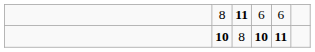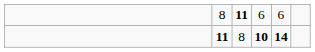 <table class="wikitable">
 <tr>
 <td style="width:15em"></td>
 <td align=center style="width:1em">8</td>
 <td align=center style="width:1em"><strong>11</strong></td>
 <td align=center style="width:1em">6</td>
 <td align=center style="width:1em">6</td>
 <td align=center style="width:1em"></td>
 </tr>
 <tr>
 <td style="width:15em"></td>
-<td align=center style="width:1em"><strong>10</strong></td>
+<td align=center style="width:1em"><strong>11</strong></td>
 <td align=center style="width:1em">8</td>
 <td align=center style="width:1em"><strong>10</strong></td>
-<td align=center style="width:1em"><strong>11</strong></td>
+<td align=center style="width:1em"><strong>14</strong></td>
 <td align=center style="width:1em"></td>
 </tr>
 </table>
